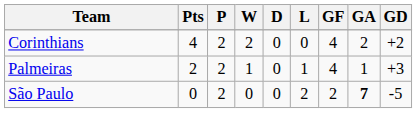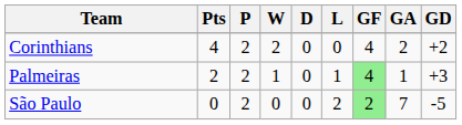 <table class="wikitable" style="text-align: center;">
 <tr>
 <th width="165">Team</th>
 <th width="20">Pts</th>
 <th width="20">P</th>
 <th width="20">W</th>
 <th width="20">D</th>
 <th width="20">L</th>
 <th width="20">GF</th>
 <th width="20">GA</th>
 <th width="20">GD</th>
 </tr>
 <tr bgcolor=ccffcc>
 </tr>
 <tr>
 <td style="text-align:left;"><a href='#'>Corinthians</a></td>
 <td>4</td>
 <td>2</td>
 <td>2</td>
 <td>0</td>
 <td>0</td>
 <td>4</td>
 <td>2</td>
 <td>+2</td>
 </tr>
 <tr>
 <td style="text-align:left;"><a href='#'>Palmeiras</a></td>
 <td>2</td>
 <td>2</td>
 <td>1</td>
 <td>0</td>
 <td>1</td>
-<td>4</td>
+<td style="background: lightgreen;">4</td>
 <td>1</td>
 <td>+3</td>
 </tr>
 <tr>
 <td style="text-align:left;"><a href='#'>São Paulo</a></td>
 <td>0</td>
 <td>2</td>
 <td>0</td>
 <td>0</td>
 <td>2</td>
-<td>2</td>
-<td><strong>7</strong></td>
+<td style="background: lightgreen;">2</td>
+<td>7</td>
 <td>-5</td>
 </tr>
 </table>
